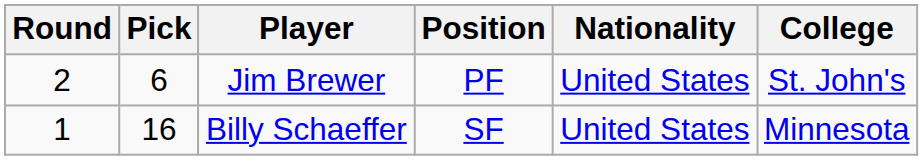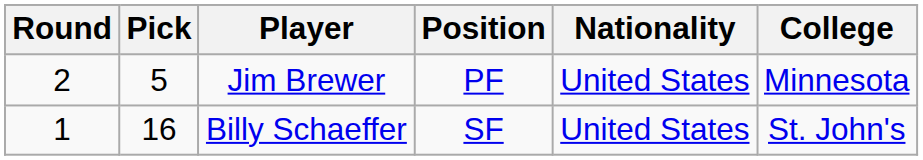 <table class="wikitable sortable sortable">
 <tr>
 <th>Round</th>
 <th>Pick</th>
 <th>Player</th>
 <th>Position</th>
 <th>Nationality</th>
 <th>College</th>
 </tr>
 <tr style="text-align: center">
 <td>2</td>
-<td>6</td>
+<td>5</td>
 <td><a href='#'>Jim Brewer</a></td>
 <td><a href='#'>PF</a></td>
 <td> <a href='#'>United States</a></td>
-<td><a href='#'>St. John's</a></td>
+<td><a href='#'>Minnesota</a></td>
 </tr>
 <tr style="text-align: center">
 <td>1</td>
 <td>16</td>
 <td><a href='#'>Billy Schaeffer</a></td>
 <td><a href='#'>SF</a></td>
 <td> <a href='#'>United States</a></td>
-<td><a href='#'>Minnesota</a></td>
+<td><a href='#'>St. John's</a></td>
 </tr>
 </table>
